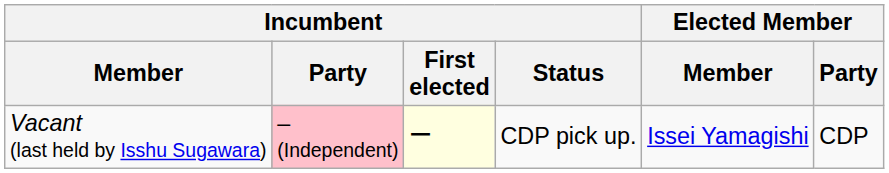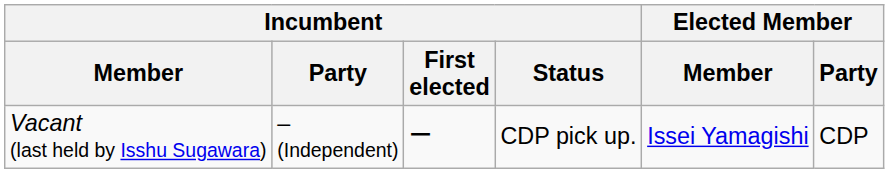 <table class="wikitable sortable">
 <tr>
 <th colspan=4>Incumbent</th>
 <th colspan=2>Elected Member</th>
 </tr>
 <tr>
 <th>Member</th>
 <th>Party</th>
 <th>First<br>elected</th>
 <th>Status</th>
 <th>Member</th>
 <th>Party</th>
 </tr>
 <tr>
 <td><em>Vacant</em><br><small>(last held by <a href='#'>Isshu Sugawara</a>)</small></td>
-<td style="background: pink;">–<br><small>(Independent)</small></td>
-<td style="background: lightyellow;">ー</td>
+<td>–<br><small>(Independent)</small></td>
+<td>ー</td>
 <td>CDP pick up.</td>
 <td><a href='#'>Issei Yamagishi</a></td>
 <td>CDP</td>
 </tr>
 </table>
